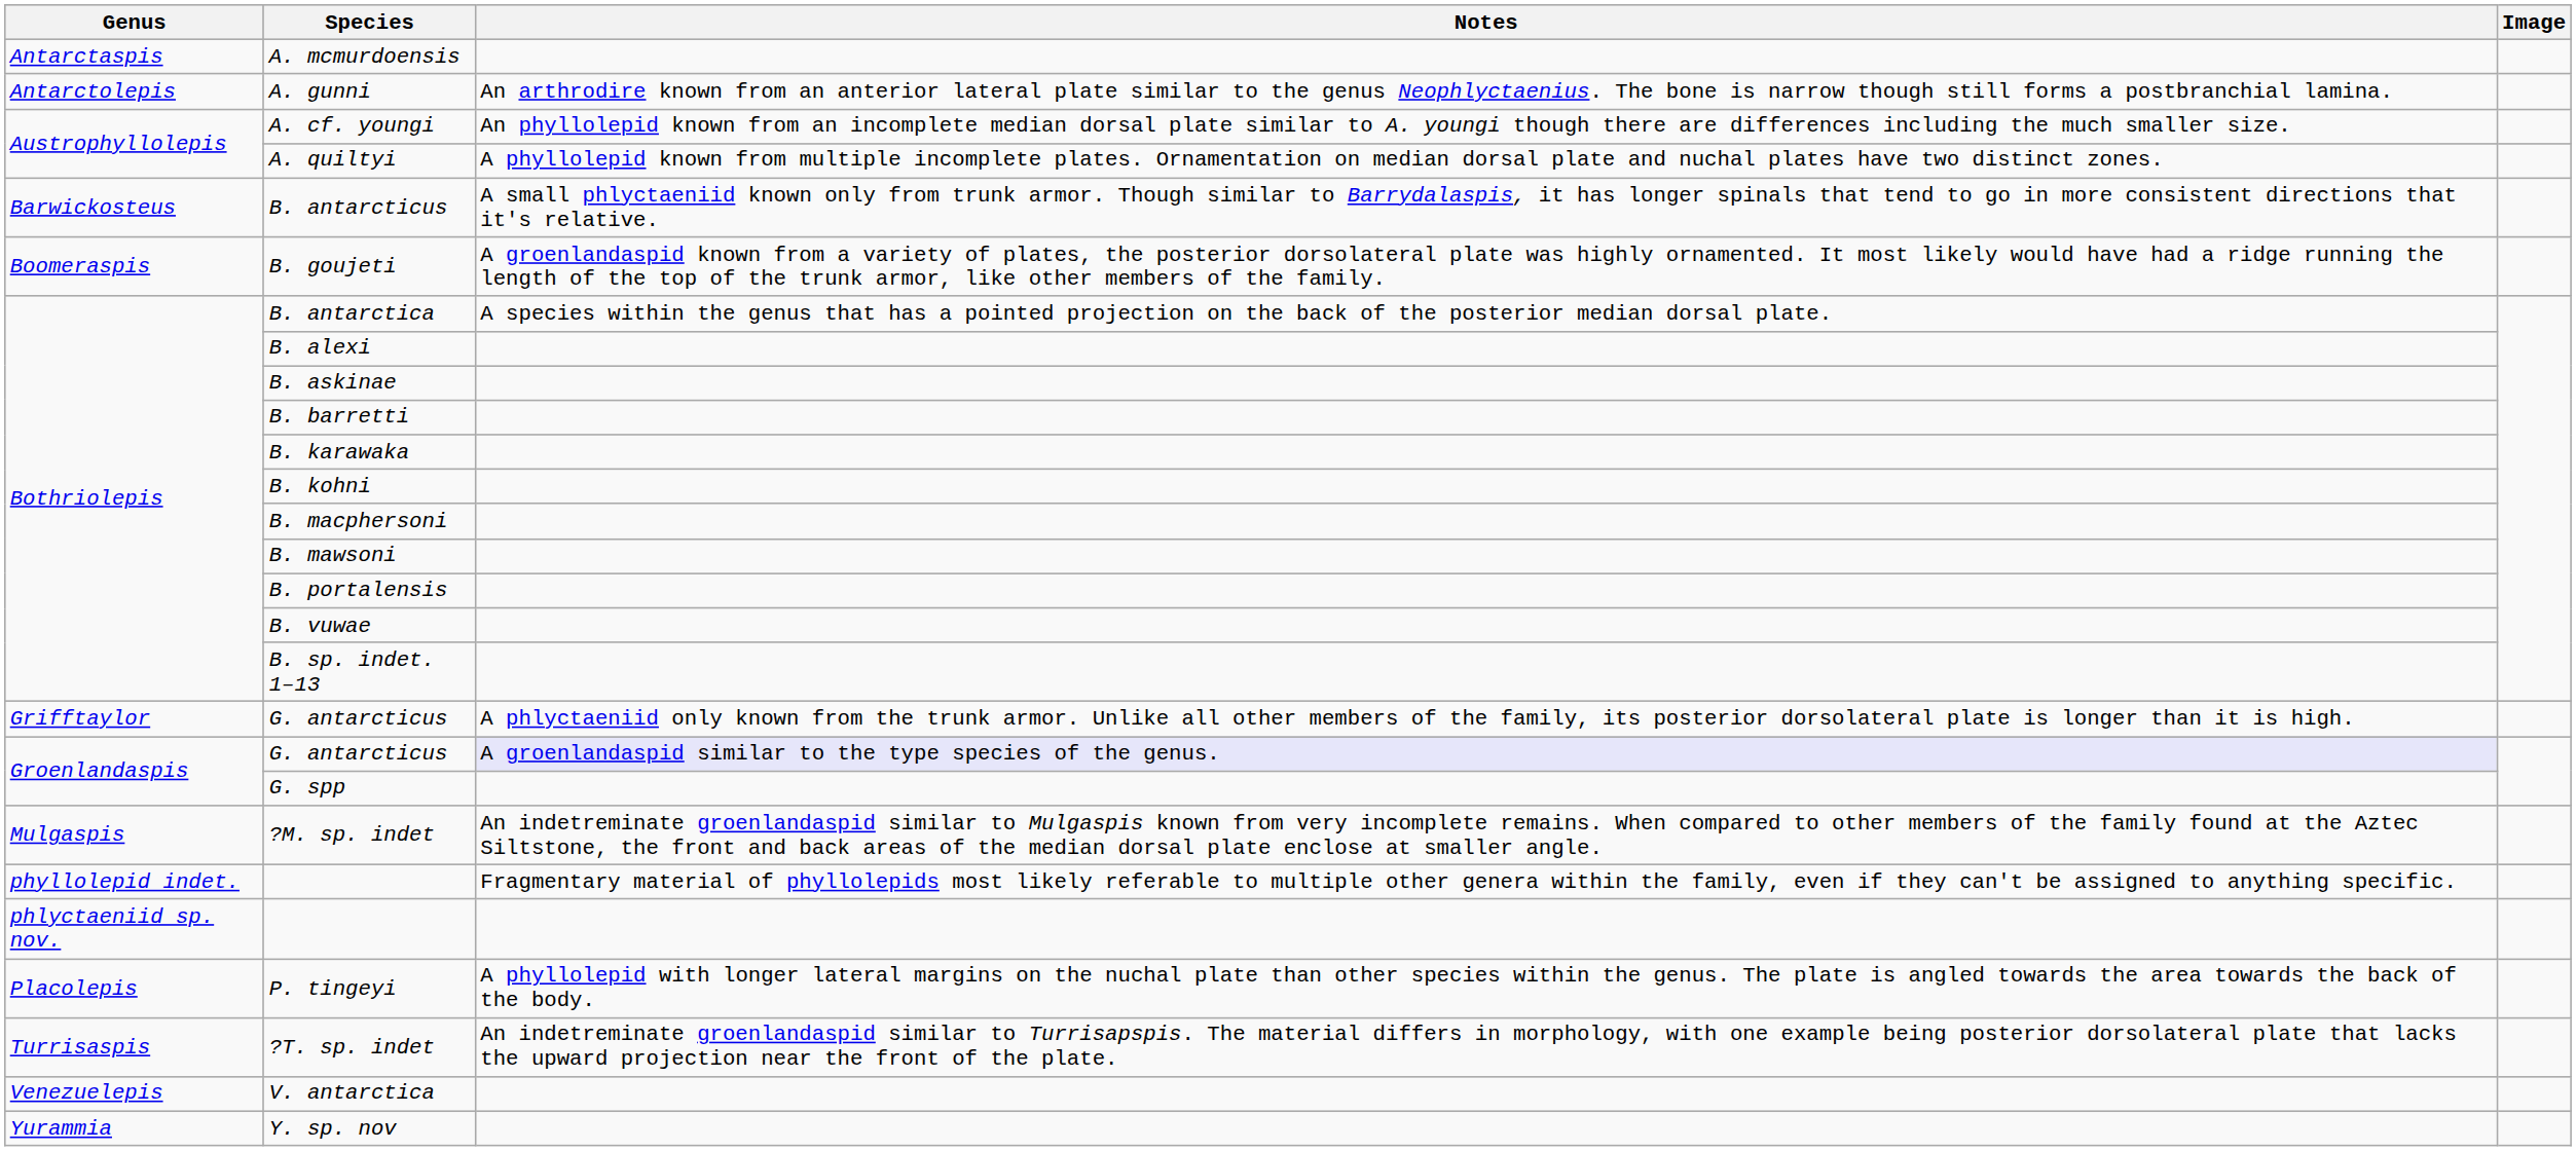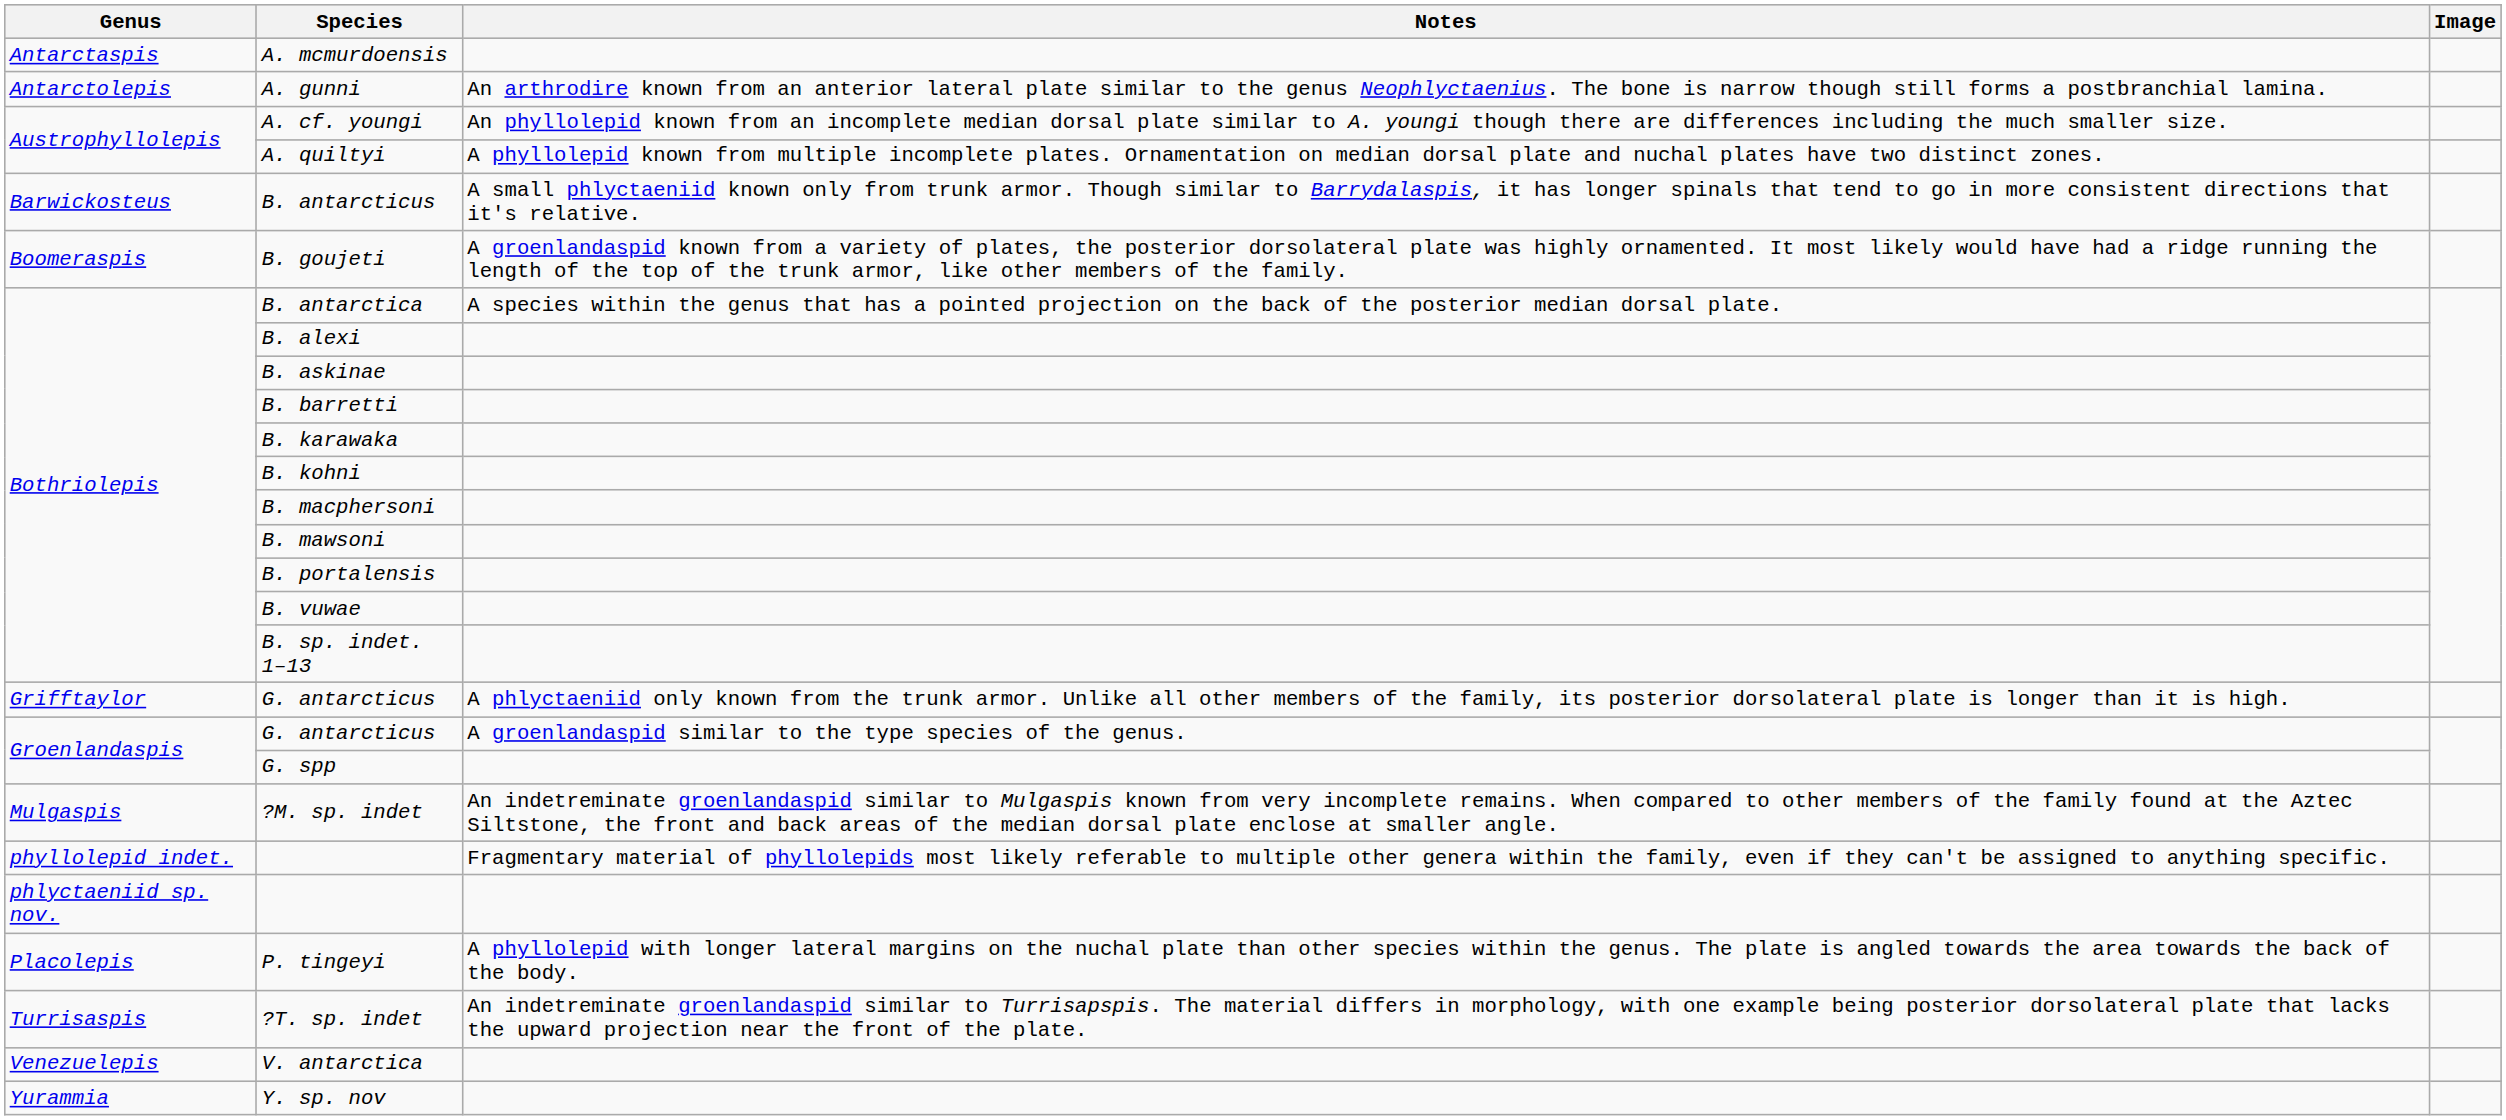 <table class="wikitable">
 <tr>
 <th>Genus</th>
 <th>Species</th>
 <th>Notes</th>
 <th>Image</th>
 </tr>
 <tr>
 <td><em><a href='#'>Antarctaspis</a></em></td>
 <td><em>A. mcmurdoensis</em></td>
 <td></td>
 <td></td>
 </tr>
 <tr>
 <td><em><a href='#'>Antarctolepis</a></em></td>
 <td><em>A. gunni</em></td>
 <td>An <a href='#'>arthrodire</a> known from an anterior lateral plate similar to the genus <em><a href='#'>Neophlyctaenius</a></em>. The bone is narrow though still forms a postbranchial lamina.</td>
 <td></td>
 </tr>
 <tr>
 <td rowspan="2"><em><a href='#'>Austrophyllolepis</a></em></td>
 <td><em>A. cf. youngi</em></td>
 <td>An <a href='#'>phyllolepid</a> known from an incomplete median dorsal plate similar to <em>A. youngi</em> though there are differences including the much smaller size.</td>
 <td></td>
 </tr>
 <tr>
 <td><em>A. quiltyi</em></td>
 <td>A <a href='#'>phyllolepid</a> known from multiple incomplete plates. Ornamentation on median dorsal plate and nuchal plates have two distinct zones.</td>
 <td></td>
 </tr>
 <tr>
 <td><em><a href='#'>Barwickosteus</a></em></td>
 <td><em>B. antarcticus</em></td>
 <td>A small <a href='#'>phlyctaeniid</a> known only from trunk armor. Though similar to <em><a href='#'>Barrydalaspis</a>,</em> it has longer spinals that tend to go in more consistent directions that it's relative.</td>
 <td></td>
 </tr>
 <tr>
 <td><em><a href='#'>Boomeraspis</a></em></td>
 <td><em>B. goujeti</em></td>
 <td>A <a href='#'>groenlandaspid</a> known from a variety of plates, the posterior dorsolateral plate was highly ornamented. It most likely would have had a ridge running the length of the top of the trunk armor, like other members of the family.</td>
 <td></td>
 </tr>
 <tr>
 <td rowspan="11"><em><a href='#'>Bothriolepis</a></em></td>
 <td><em>B. antarctica</em></td>
 <td>A species within the genus that has a pointed projection on the back of the posterior median dorsal plate.</td>
 <td rowspan="11"></td>
 </tr>
 <tr>
 <td><em>B. alexi</em></td>
 <td></td>
 </tr>
 <tr>
 <td><em>B. askinae</em></td>
 <td></td>
 </tr>
 <tr>
 <td><em>B. barretti</em></td>
 <td></td>
 </tr>
 <tr>
 <td><em>B. karawaka</em></td>
 <td></td>
 </tr>
 <tr>
 <td><em>B. kohni</em></td>
 <td></td>
 </tr>
 <tr>
 <td><em>B. macphersoni</em></td>
 <td></td>
 </tr>
 <tr>
 <td><em>B. mawsoni</em></td>
 <td></td>
 </tr>
 <tr>
 <td><em>B. portalensis</em></td>
 <td></td>
 </tr>
 <tr>
 <td><em>B. vuwae</em></td>
 <td></td>
 </tr>
 <tr>
 <td><em>B. sp. indet. 1–13</em></td>
 <td></td>
 </tr>
 <tr>
 <td><em><a href='#'>Grifftaylor</a></em></td>
 <td><em>G. antarcticus</em></td>
 <td>A <a href='#'>phlyctaeniid</a> only known from the trunk armor. Unlike all other members of the family, its posterior dorsolateral plate is longer than it is high.</td>
 <td></td>
 </tr>
 <tr>
 <td rowspan="2"><em><a href='#'>Groenlandaspis</a></em></td>
 <td><em>G. antarcticus</em></td>
-<td style="background: lavender;">A <a href='#'>groenlandaspid</a> similar to the type species of the genus.</td>
+<td>A <a href='#'>groenlandaspid</a> similar to the type species of the genus.</td>
 <td rowspan="2"></td>
 </tr>
 <tr>
 <td><em>G. spp</em></td>
 <td></td>
 </tr>
 <tr>
 <td><em><a href='#'>Mulgaspis</a></em></td>
 <td><em>?M. sp. indet</em></td>
 <td>An indetreminate <a href='#'>groenlandaspid</a> similar to <em>Mulgaspis</em> known from very incomplete remains. When compared to other members of the family found at the Aztec Siltstone, the front and back areas of the median dorsal plate enclose at smaller angle.</td>
 <td></td>
 </tr>
 <tr>
 <td><a href='#'><em>phyllolepid indet.</em></a><em></em></td>
 <td></td>
 <td>Fragmentary material of <a href='#'>phyllolepids</a> most likely referable to multiple other genera within the family, even if they can't be assigned to anything specific.</td>
 <td></td>
 </tr>
 <tr>
 <td><a href='#'><em>phlyctaeniid sp. nov.</em></a><em></em></td>
 <td></td>
 <td></td>
 <td></td>
 </tr>
 <tr>
 <td><em><a href='#'>Placolepis</a></em></td>
 <td><em>P. tingeyi</em></td>
 <td>A <a href='#'>phyllolepid</a> with longer lateral margins on the nuchal plate than other species within the genus. The plate is angled towards the area towards the back of the body.</td>
 <td></td>
 </tr>
 <tr>
 <td><em><a href='#'>Turrisaspis</a></em></td>
 <td><em>?T. sp. indet</em></td>
 <td>An indetreminate <a href='#'>groenlandaspid</a> similar to <em>Turrisapspis</em>. The material differs in morphology, with one example being posterior dorsolateral plate that lacks the upward projection near the front of the plate.</td>
 <td></td>
 </tr>
 <tr>
 <td><em><a href='#'>Venezuelepis</a></em></td>
 <td><em>V. antarctica</em></td>
 <td></td>
 <td></td>
 </tr>
 <tr>
 <td><em><a href='#'>Yurammia</a></em></td>
 <td><em>Y. sp. nov</em></td>
 <td></td>
 <td></td>
 </tr>
 </table>
